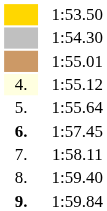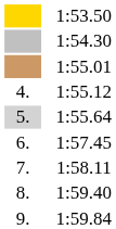 <table style="text-align:center">
 <tr>
 <td width=30 bgcolor=gold></td>
 <td align=left></td>
 <td width=60>1:53.50</td>
 </tr>
 <tr>
 <td bgcolor=silver></td>
 <td align=left></td>
 <td>1:54.30</td>
 </tr>
 <tr>
 <td bgcolor=cc9966></td>
 <td align=left></td>
 <td>1:55.01</td>
 </tr>
 <tr>
-<td style="background: lightyellow;">4.</td>
+<td>4.</td>
 <td align=left></td>
 <td>1:55.12</td>
 </tr>
 <tr>
-<td>5.</td>
+<td style="background: lightgrey;">5.</td>
 <td align=left></td>
 <td>1:55.64</td>
 </tr>
 <tr>
-<td><strong>6.</strong></td>
+<td>6.</td>
 <td align=left></td>
 <td>1:57.45</td>
 </tr>
 <tr>
 <td>7.</td>
 <td align=left></td>
 <td>1:58.11</td>
 </tr>
 <tr>
 <td>8.</td>
 <td align=left></td>
 <td>1:59.40</td>
 </tr>
 <tr>
-<td><strong>9.</strong></td>
+<td>9.</td>
 <td align=left></td>
 <td>1:59.84</td>
 </tr>
 </table>
